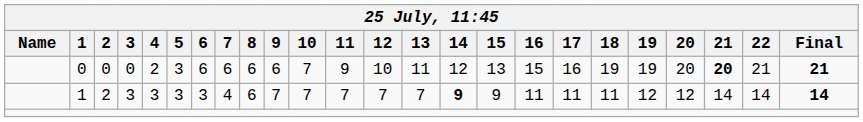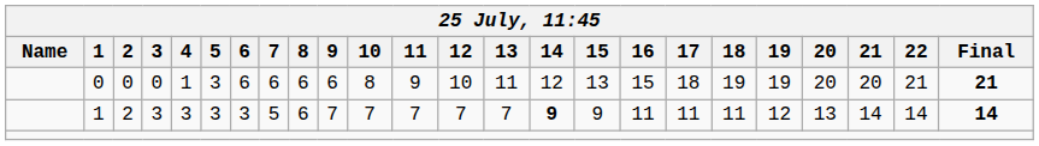 <table class=wikitable style="text-align:center; width: 55%">
 <tr>
 <th colspan=24><em>25 July, 11:45</em></th>
 </tr>
 <tr>
 <th>Name</th>
 <th>1</th>
 <th>2</th>
 <th>3</th>
 <th>4</th>
 <th>5</th>
 <th>6</th>
 <th>7</th>
 <th>8</th>
 <th>9</th>
 <th>10</th>
 <th>11</th>
 <th>12</th>
 <th>13</th>
 <th>14</th>
 <th>15</th>
 <th>16</th>
 <th>17</th>
 <th>18</th>
 <th>19</th>
 <th>20</th>
 <th>21</th>
 <th>22</th>
 <th>Final</th>
 </tr>
 <tr>
 <td align=left><strong></strong></td>
 <td>0</td>
 <td>0</td>
 <td>0</td>
-<td>2</td>
+<td>1</td>
 <td>3</td>
 <td>6</td>
 <td>6</td>
 <td>6</td>
 <td>6</td>
-<td>7</td>
+<td>8</td>
 <td>9</td>
 <td>10</td>
 <td>11</td>
 <td>12</td>
 <td>13</td>
 <td>15</td>
-<td>16</td>
+<td>18</td>
 <td>19</td>
 <td>19</td>
 <td>20</td>
-<td><strong>20</strong></td>
+<td>20</td>
 <td>21</td>
 <td><strong>21</strong></td>
 </tr>
 <tr>
 <td align=left></td>
 <td>1</td>
 <td>2</td>
 <td>3</td>
 <td>3</td>
 <td>3</td>
 <td>3</td>
-<td>4</td>
+<td>5</td>
 <td>6</td>
 <td>7</td>
 <td>7</td>
 <td>7</td>
 <td>7</td>
 <td>7</td>
 <td><strong>9</strong></td>
 <td>9</td>
 <td>11</td>
 <td>11</td>
 <td>11</td>
 <td>12</td>
-<td>12</td>
+<td>13</td>
 <td>14</td>
 <td>14</td>
 <td><strong>14</strong></td>
 </tr>
 <tr>
 <td colspan=24></td>
 </tr>
 </table>
